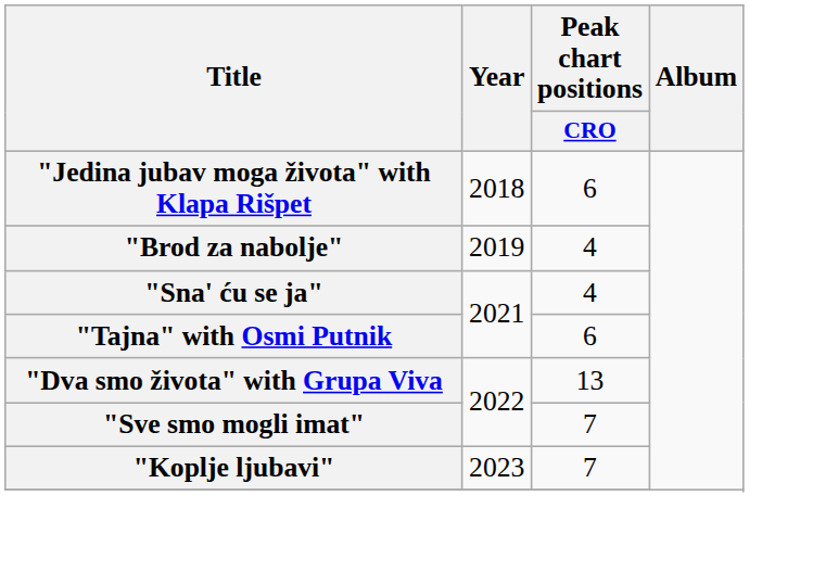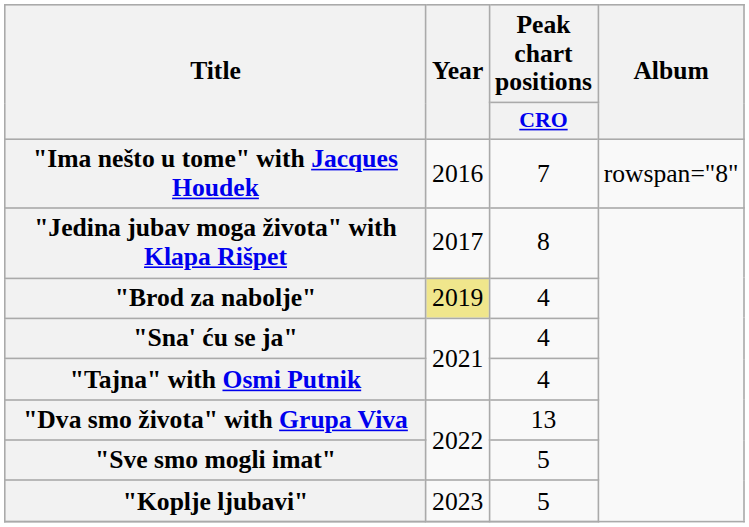 <table class="wikitable plainrowheaders" style="text-align:center;">
 <tr>
 <th scope="col" rowspan="2" style="width:16em;">Title</th>
 <th scope="col" rowspan="2" style="width:1em;">Year</th>
 <th scope="col" colspan="1">Peak chart positions</th>
 <th scope="col" rowspan="2">Album</th>
 </tr>
 <tr>
 <th scope="col" style="width:3em;font-size:85%;"><a href='#'>CRO</a><br></th>
 </tr>
 <tr>
+<th scope="row">"Ima nešto u tome" with <a href='#'>Jacques Houdek</a></th>
+<td>2016</td>
+<td>7</td>
+<td>rowspan="8" </td>
+</tr>
+<tr>
 <th scope="row">"Jedina jubav moga života" with <a href='#'>Klapa Rišpet</a></th>
-<td>2018</td>
-<td>6</td>
+<td>2017</td>
+<td>8</td>
 </tr>
 <tr>
 <th scope="row">"Brod za nabolje"</th>
-<td>2019</td>
+<td style="background: khaki;">2019</td>
 <td>4</td>
 </tr>
 <tr>
 <th scope="row">"Sna' ću se ja"</th>
 <td rowspan="2">2021</td>
 <td>4</td>
 </tr>
 <tr>
 <th scope="row">"Tajna" with <a href='#'>Osmi Putnik</a></th>
-<td>6</td>
+<td>4</td>
 </tr>
 <tr>
 <th scope="row">"Dva smo života" with <a href='#'>Grupa Viva</a></th>
 <td rowspan="2">2022</td>
 <td>13</td>
 </tr>
 <tr>
 <th scope="row">"Sve smo mogli imat"</th>
-<td>7</td>
+<td>5</td>
 </tr>
 <tr>
 <th scope="row">"Koplje ljubavi"</th>
 <td>2023</td>
-<td>7</td>
+<td>5</td>
 </tr>
 <tr>
 </tr>
 </table>
